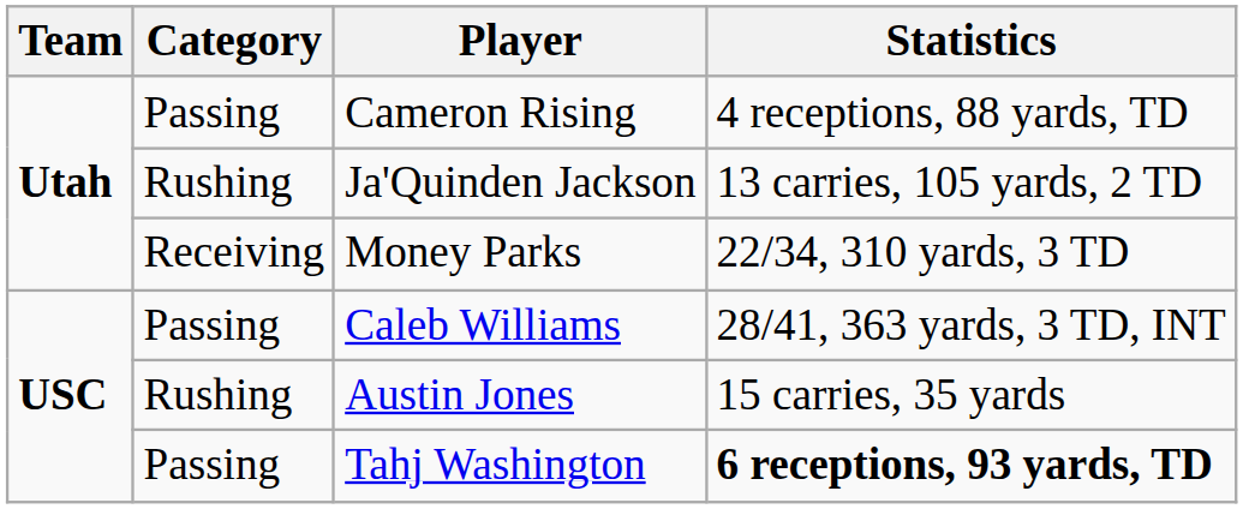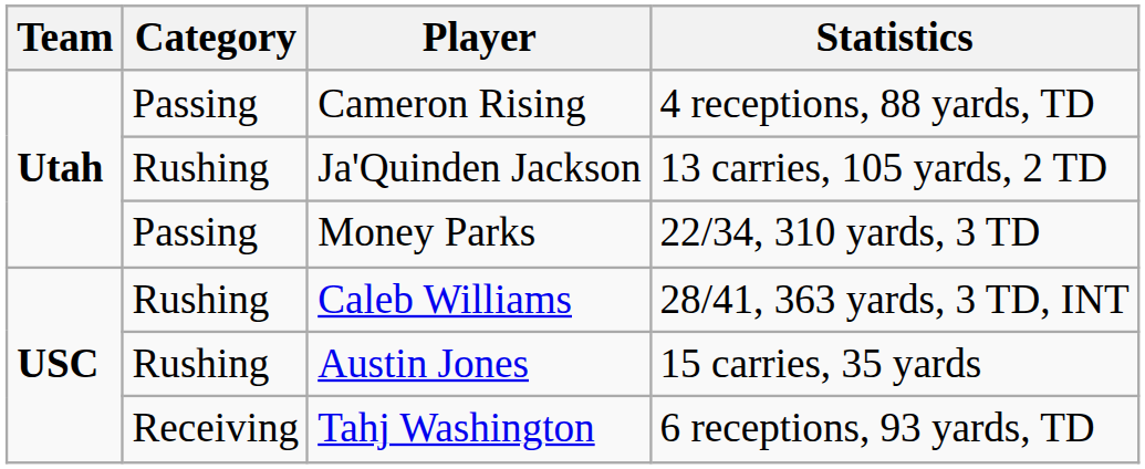 <table class="wikitable" style="float: right;">
 <tr>
 <th>Team</th>
 <th>Category</th>
 <th>Player</th>
 <th>Statistics</th>
 </tr>
 <tr>
 <td rowspan=3><strong>Utah</strong></td>
 <td>Passing</td>
 <td>Cameron Rising</td>
 <td>4 receptions, 88 yards, TD</td>
 </tr>
 <tr>
 <td>Rushing</td>
 <td>Ja'Quinden Jackson</td>
 <td>13 carries, 105 yards, 2 TD</td>
 </tr>
 <tr>
-<td>Receiving</td>
+<td>Passing</td>
 <td>Money Parks</td>
 <td>22/34, 310 yards, 3 TD</td>
 </tr>
 <tr>
 <td rowspan=3><strong>USC</strong></td>
-<td>Passing</td>
+<td>Rushing</td>
 <td><a href='#'>Caleb Williams</a></td>
 <td>28/41, 363 yards, 3 TD, INT</td>
 </tr>
 <tr>
 <td>Rushing</td>
 <td><a href='#'>Austin Jones</a></td>
 <td>15 carries, 35 yards</td>
 </tr>
 <tr>
-<td>Passing</td>
+<td>Receiving</td>
 <td><a href='#'>Tahj Washington</a></td>
-<td><strong>6 receptions, 93 yards, TD</strong></td>
+<td>6 receptions, 93 yards, TD</td>
 </tr>
 </table>
